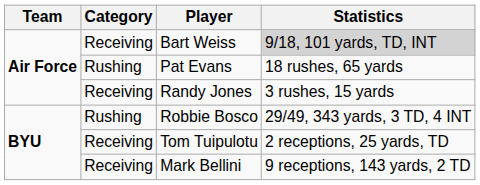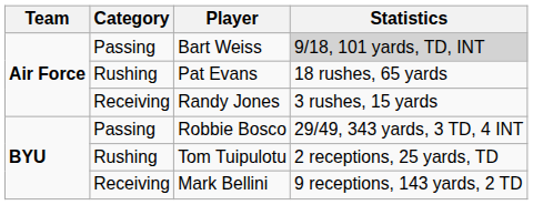 <table class="wikitable" style="float: left;">
 <tr>
 <th>Team</th>
 <th>Category</th>
 <th>Player</th>
 <th>Statistics</th>
 </tr>
 <tr>
 <td rowspan=3><strong>Air Force</strong></td>
-<td>Receiving</td>
+<td>Passing</td>
 <td>Bart Weiss</td>
 <td style="background: lightgrey;">9/18, 101 yards, TD, INT</td>
 </tr>
 <tr>
 <td>Rushing</td>
 <td>Pat Evans</td>
 <td>18 rushes, 65 yards</td>
 </tr>
 <tr>
 <td>Receiving</td>
 <td>Randy Jones</td>
 <td>3 rushes, 15 yards</td>
 </tr>
 <tr>
 <td rowspan=3><strong>BYU</strong></td>
-<td>Rushing</td>
+<td>Passing</td>
 <td>Robbie Bosco</td>
 <td>29/49, 343 yards, 3 TD, 4 INT</td>
 </tr>
 <tr>
-<td>Receiving</td>
+<td>Rushing</td>
 <td>Tom Tuipulotu</td>
 <td>2 receptions, 25 yards, TD</td>
 </tr>
 <tr>
 <td>Receiving</td>
 <td>Mark Bellini</td>
 <td>9 receptions, 143 yards, 2 TD</td>
 </tr>
 </table>
